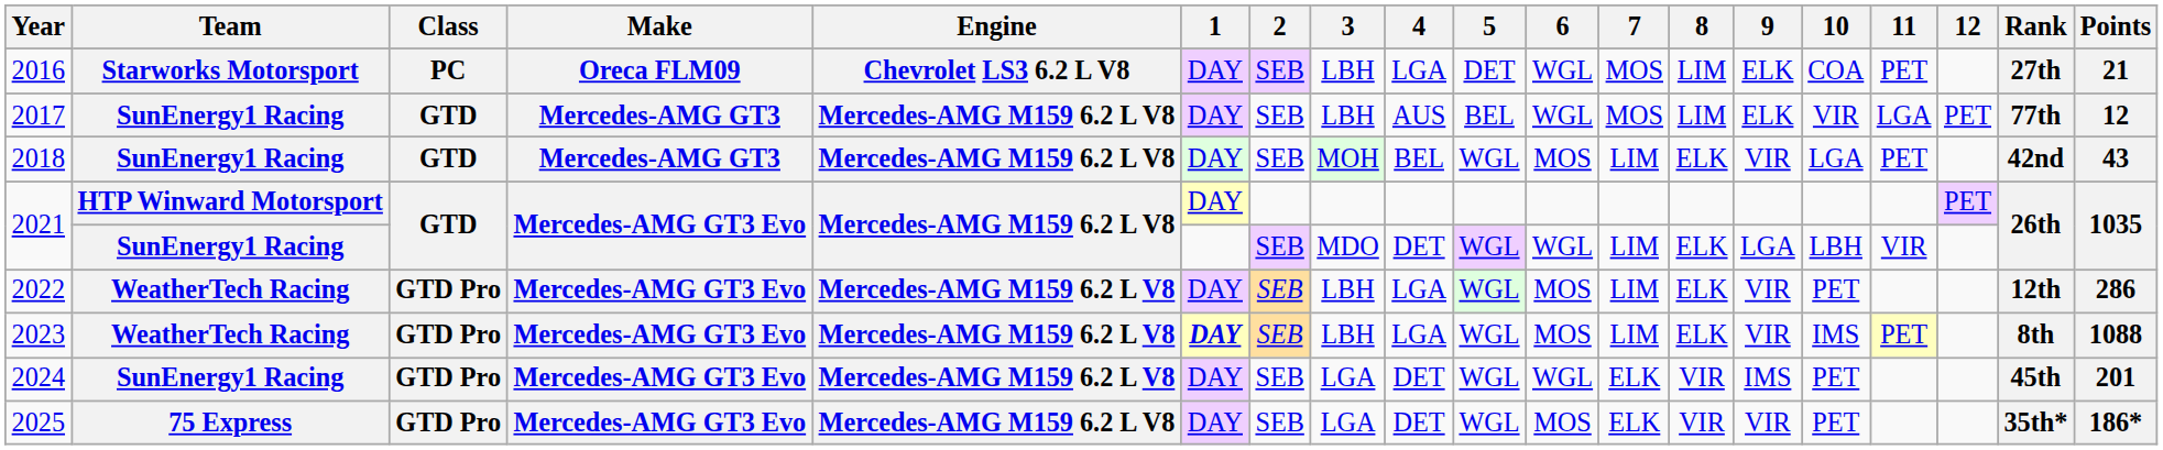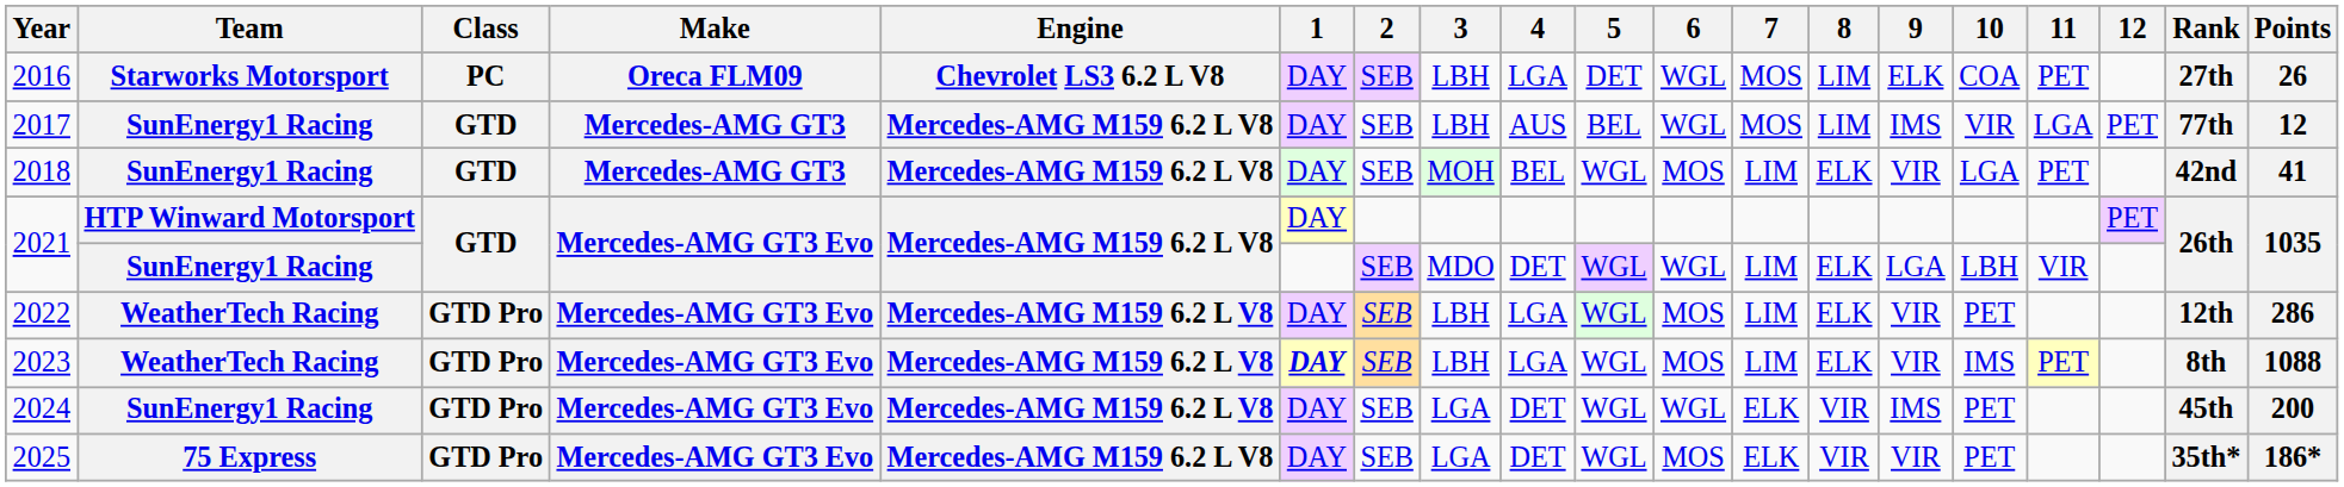 <table class="wikitable" style="text-align:center; font-size:85%">
 <tr>
 <th>Year</th>
 <th>Team</th>
 <th>Class</th>
 <th>Make</th>
 <th>Engine</th>
 <th>1</th>
 <th>2</th>
 <th>3</th>
 <th>4</th>
 <th>5</th>
 <th>6</th>
 <th>7</th>
 <th>8</th>
 <th>9</th>
 <th>10</th>
 <th>11</th>
 <th>12</th>
 <th>Rank</th>
 <th>Points</th>
 </tr>
 <tr>
 <td><a href='#'>2016</a></td>
 <th nowrap><a href='#'>Starworks Motorsport</a></th>
 <th>PC</th>
 <th nowrap><a href='#'>Oreca FLM09</a></th>
 <th nowrap><a href='#'>Chevrolet</a> <a href='#'>LS3</a> 6.2 L V8</th>
 <td style="background:#EFCFFF;"><a href='#'>DAY</a><br></td>
 <td style="background:#EFCFFF;"><a href='#'>SEB</a><br></td>
 <td><a href='#'>LBH</a></td>
 <td><a href='#'>LGA</a></td>
 <td><a href='#'>DET</a></td>
 <td><a href='#'>WGL</a></td>
 <td><a href='#'>MOS</a></td>
 <td><a href='#'>LIM</a></td>
 <td><a href='#'>ELK</a></td>
 <td><a href='#'>COA</a></td>
 <td><a href='#'>PET</a></td>
 <td></td>
 <th>27th</th>
-<th>21</th>
+<th>26</th>
 </tr>
 <tr>
 <td><a href='#'>2017</a></td>
 <th nowrap><a href='#'>SunEnergy1 Racing</a></th>
 <th>GTD</th>
 <th nowrap><a href='#'>Mercedes-AMG GT3</a></th>
 <th nowrap><a href='#'>Mercedes-AMG M159</a> 6.2 L V8</th>
 <td style="background:#EFCFFF;"><a href='#'>DAY</a><br></td>
 <td><a href='#'>SEB</a></td>
 <td><a href='#'>LBH</a></td>
 <td><a href='#'>AUS</a></td>
 <td><a href='#'>BEL</a></td>
 <td><a href='#'>WGL</a></td>
 <td><a href='#'>MOS</a></td>
 <td><a href='#'>LIM</a></td>
-<td><a href='#'>ELK</a></td>
+<td><a href='#'>IMS</a></td>
 <td><a href='#'>VIR</a></td>
 <td><a href='#'>LGA</a></td>
 <td><a href='#'>PET</a></td>
 <th>77th</th>
 <th>12</th>
 </tr>
 <tr>
 <td><a href='#'>2018</a></td>
 <th nowrap><a href='#'>SunEnergy1 Racing</a></th>
 <th>GTD</th>
 <th nowrap><a href='#'>Mercedes-AMG GT3</a></th>
 <th nowrap><a href='#'>Mercedes-AMG M159</a> 6.2 L V8</th>
 <td style="background:#DFFFDF;"><a href='#'>DAY</a><br></td>
 <td><a href='#'>SEB</a></td>
 <td style="background:#DFFFDF;"><a href='#'>MOH</a><br></td>
 <td><a href='#'>BEL</a></td>
 <td><a href='#'>WGL</a></td>
 <td><a href='#'>MOS</a></td>
 <td><a href='#'>LIM</a></td>
 <td><a href='#'>ELK</a></td>
 <td><a href='#'>VIR</a></td>
 <td><a href='#'>LGA</a></td>
 <td><a href='#'>PET</a></td>
 <td></td>
 <th>42nd</th>
-<th>43</th>
+<th>41</th>
 </tr>
 <tr>
 <td rowspan=2><a href='#'>2021</a></td>
 <th nowrap><a href='#'>HTP Winward Motorsport</a></th>
 <th rowspan=2>GTD</th>
 <th rowspan=2 nowrap><a href='#'>Mercedes-AMG GT3 Evo</a></th>
 <th rowspan=2 nowrap><a href='#'>Mercedes-AMG M159</a> 6.2 L V8</th>
 <td style="background:#FFFFBF;"><a href='#'>DAY</a><br></td>
 <td></td>
 <td></td>
 <td></td>
 <td></td>
 <td></td>
 <td></td>
 <td></td>
 <td></td>
 <td></td>
 <td></td>
 <td style="background:#EFCFFF;"><a href='#'>PET</a><br></td>
 <th rowspan=2>26th</th>
 <th rowspan=2>1035</th>
 </tr>
 <tr>
 <th nowrap><a href='#'>SunEnergy1 Racing</a></th>
 <td></td>
 <td style="background:#EFCFFF;"><a href='#'>SEB</a><br></td>
 <td><a href='#'>MDO</a></td>
 <td><a href='#'>DET</a></td>
 <td style="background:#EFCFFF;"><a href='#'>WGL</a><br></td>
 <td><a href='#'>WGL</a></td>
 <td><a href='#'>LIM</a></td>
 <td><a href='#'>ELK</a></td>
 <td><a href='#'>LGA</a></td>
 <td><a href='#'>LBH</a></td>
 <td><a href='#'>VIR</a></td>
 <td></td>
 </tr>
 <tr>
 <td><a href='#'>2022</a></td>
 <th nowrap><a href='#'>WeatherTech Racing</a></th>
 <th>GTD Pro</th>
 <th nowrap><a href='#'>Mercedes-AMG GT3 Evo</a></th>
 <th nowrap><a href='#'>Mercedes-AMG M159</a> 6.2 L <a href='#'>V8</a></th>
 <td style="background:#EFCFFF;"><a href='#'>DAY</a><br></td>
 <td style="background:#FFDF9F;"><em><a href='#'>SEB</a></em><br></td>
 <td><a href='#'>LBH</a></td>
 <td><a href='#'>LGA</a></td>
 <td style="background:#DFFFDF;"><a href='#'>WGL</a><br></td>
 <td><a href='#'>MOS</a></td>
 <td><a href='#'>LIM</a></td>
 <td><a href='#'>ELK</a></td>
 <td><a href='#'>VIR</a></td>
 <td><a href='#'>PET</a></td>
 <td></td>
 <td></td>
 <th>12th</th>
 <th>286</th>
 </tr>
 <tr>
 <td><a href='#'>2023</a></td>
 <th nowrap><a href='#'>WeatherTech Racing</a></th>
 <th nowrap>GTD Pro</th>
 <th nowrap><a href='#'>Mercedes-AMG GT3 Evo</a></th>
 <th nowrap><a href='#'>Mercedes-AMG M159</a> 6.2 L <a href='#'>V8</a></th>
 <td style="background:#FFFFBF;"><strong><em><a href='#'>DAY</a></em></strong><br></td>
 <td style="background:#FFDF9F;"><em><a href='#'>SEB</a></em><br></td>
 <td><a href='#'>LBH</a></td>
 <td><a href='#'>LGA</a></td>
 <td><a href='#'>WGL</a></td>
 <td><a href='#'>MOS</a></td>
 <td><a href='#'>LIM</a></td>
 <td><a href='#'>ELK</a></td>
 <td><a href='#'>VIR</a></td>
 <td><a href='#'>IMS</a></td>
 <td style="background:#FFFFBF;"><a href='#'>PET</a><br></td>
 <td></td>
 <th>8th</th>
 <th>1088</th>
 </tr>
 <tr>
 <td><a href='#'>2024</a></td>
 <th nowrap><a href='#'>SunEnergy1 Racing</a></th>
 <th nowrap>GTD Pro</th>
 <th nowrap><a href='#'>Mercedes-AMG GT3 Evo</a></th>
 <th nowrap><a href='#'>Mercedes-AMG M159</a> 6.2 L <a href='#'>V8</a></th>
 <td style="background:#EFCFFF;"><a href='#'>DAY</a><br></td>
 <td><a href='#'>SEB</a></td>
 <td><a href='#'>LGA</a></td>
 <td><a href='#'>DET</a></td>
 <td><a href='#'>WGL</a></td>
 <td><a href='#'>WGL</a></td>
 <td><a href='#'>ELK</a></td>
 <td><a href='#'>VIR</a></td>
 <td><a href='#'>IMS</a></td>
 <td><a href='#'>PET</a></td>
 <td></td>
 <td></td>
 <th>45th</th>
-<th>201</th>
+<th>200</th>
 </tr>
 <tr>
 <td><a href='#'>2025</a></td>
 <th><a href='#'>75 Express</a></th>
 <th>GTD Pro</th>
 <th><a href='#'>Mercedes-AMG GT3 Evo</a></th>
 <th><a href='#'>Mercedes-AMG M159</a> 6.2 L V8</th>
 <td style="background:#EFCFFF;"><a href='#'>DAY</a><br></td>
 <td><a href='#'>SEB</a></td>
 <td><a href='#'>LGA</a></td>
 <td><a href='#'>DET</a></td>
 <td><a href='#'>WGL</a></td>
 <td><a href='#'>MOS</a></td>
 <td><a href='#'>ELK</a></td>
 <td><a href='#'>VIR</a></td>
 <td><a href='#'>VIR</a></td>
 <td><a href='#'>PET</a></td>
 <td></td>
 <td></td>
 <th>35th*</th>
 <th>186*</th>
 </tr>
 </table>
